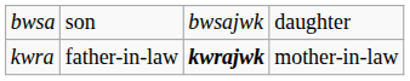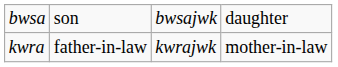 <table class="wikitable" border="1">
 <tr>
 <td><em>bwsa</em></td>
 <td>son</td>
 <td><em>bwsajwk</em></td>
 <td>daughter</td>
 </tr>
 <tr>
 <td><em>kwra</em></td>
 <td>father-in-law</td>
-<td><strong><em>kwrajwk</em></strong></td>
+<td><em>kwrajwk</em></td>
 <td>mother-in-law</td>
 </tr>
 </table>
